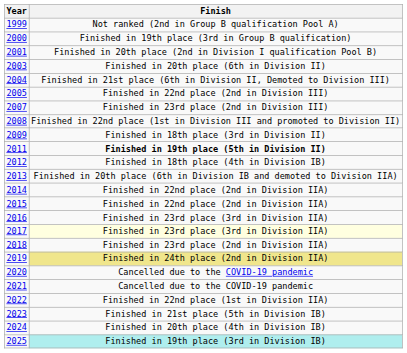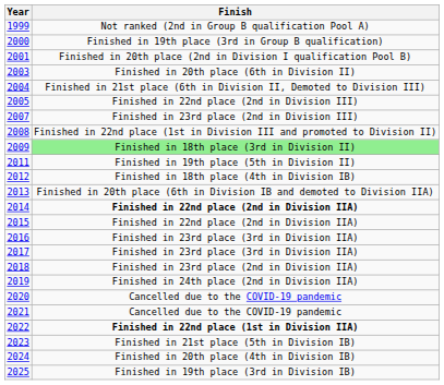 <table class="wikitable" style="text-align:center; font-size:95%">
 <tr>
 <th>Year</th>
 <th>Finish</th>
 </tr>
 <tr>
 <td><a href='#'>1999</a></td>
 <td>Not ranked (2nd in Group B qualification Pool A)</td>
 </tr>
 <tr>
 <td><a href='#'>2000</a></td>
 <td>Finished in 19th place (3rd in Group B qualification)</td>
 </tr>
 <tr>
 <td><a href='#'>2001</a></td>
 <td>Finished in 20th place (2nd in Division I qualification Pool B)</td>
 </tr>
 <tr>
 <td><a href='#'>2003</a></td>
 <td>Finished in 20th place (6th in Division II)</td>
 </tr>
 <tr>
 <td><a href='#'>2004</a></td>
 <td>Finished in 21st place (6th in Division II, Demoted to Division III)</td>
 </tr>
 <tr>
 <td><a href='#'>2005</a></td>
 <td>Finished in 22nd place (2nd in Division III)</td>
 </tr>
 <tr>
 <td><a href='#'>2007</a></td>
 <td>Finished in 23rd place (2nd in Division III)</td>
 </tr>
 <tr>
 <td><a href='#'>2008</a></td>
 <td>Finished in 22nd place (1st in Division III and promoted to Division II)</td>
 </tr>
 <tr>
 <td><a href='#'>2009</a></td>
-<td>Finished in 18th place (3rd in Division II)</td>
+<td style="background: lightgreen;">Finished in 18th place (3rd in Division II)</td>
 </tr>
 <tr>
 <td><a href='#'>2011</a></td>
-<td><strong>Finished in 19th place (5th in Division II)</strong></td>
+<td>Finished in 19th place (5th in Division II)</td>
 </tr>
 <tr>
 <td><a href='#'>2012</a></td>
 <td>Finished in 18th place (4th in Division IB)</td>
 </tr>
 <tr>
 <td><a href='#'>2013</a></td>
 <td>Finished in 20th place (6th in Division IB and demoted to Division IIA)</td>
 </tr>
 <tr>
 <td><a href='#'>2014</a></td>
-<td>Finished in 22nd place (2nd in Division IIA)</td>
+<td><strong>Finished in 22nd place (2nd in Division IIA)</strong></td>
 </tr>
 <tr>
 <td><a href='#'>2015</a></td>
 <td>Finished in 22nd place (2nd in Division IIA)</td>
 </tr>
 <tr>
 <td><a href='#'>2016</a></td>
 <td>Finished in 23rd place (3rd in Division IIA)</td>
 </tr>
 <tr>
 <td><a href='#'>2017</a></td>
-<td style="background: lightyellow;">Finished in 23rd place (3rd in Division IIA)</td>
+<td>Finished in 23rd place (3rd in Division IIA)</td>
 </tr>
 <tr>
 <td><a href='#'>2018</a></td>
 <td>Finished in 23rd place (2nd in Division IIA)</td>
 </tr>
 <tr>
 <td><a href='#'>2019</a></td>
-<td style="background: khaki;">Finished in 24th place (2nd in Division IIA)</td>
+<td>Finished in 24th place (2nd in Division IIA)</td>
 </tr>
 <tr>
 <td><a href='#'>2020</a></td>
 <td>Cancelled due to the <a href='#'>COVID-19 pandemic</a></td>
 </tr>
 <tr>
 <td><a href='#'>2021</a></td>
 <td>Cancelled due to the COVID-19 pandemic</td>
 </tr>
 <tr>
 <td><a href='#'>2022</a></td>
-<td>Finished in 22nd place (1st in Division IIA)</td>
+<td><strong>Finished in 22nd place (1st in Division IIA)</strong></td>
 </tr>
 <tr>
 <td><a href='#'>2023</a></td>
 <td>Finished in 21st place (5th in Division IB)</td>
 </tr>
 <tr>
 <td><a href='#'>2024</a></td>
 <td>Finished in 20th place (4th in Division IB)</td>
 </tr>
 <tr>
 <td><a href='#'>2025</a></td>
-<td style="background: paleturquoise;">Finished in 19th place (3rd in Division IB)</td>
+<td>Finished in 19th place (3rd in Division IB)</td>
 </tr>
 </table>
